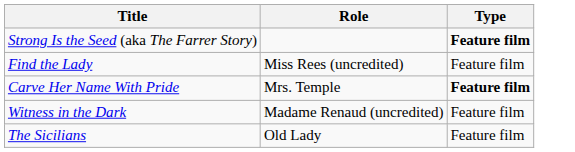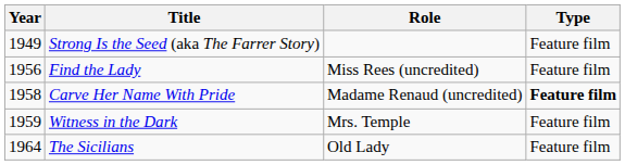 <table class="wikitable">
 <tr>
+<th>Year</th>
 <th>Title</th>
 <th>Role</th>
 <th>Type</th>
 </tr>
 <tr>
+<td>1949</td>
 <td><em><a href='#'>Strong Is the Seed</a></em> (aka <em>The Farrer Story</em>)</td>
 <td></td>
-<td><strong>Feature film</strong></td>
+<td>Feature film</td>
 </tr>
 <tr>
+<td>1956</td>
 <td><em><a href='#'>Find the Lady</a></em></td>
 <td>Miss Rees (uncredited)</td>
 <td>Feature film</td>
 </tr>
 <tr>
+<td>1958</td>
 <td><em><a href='#'>Carve Her Name With Pride</a></em></td>
-<td>Mrs. Temple</td>
+<td>Madame Renaud (uncredited)</td>
 <td><strong>Feature film</strong></td>
 </tr>
 <tr>
+<td>1959</td>
 <td><em><a href='#'>Witness in the Dark</a></em></td>
-<td>Madame Renaud (uncredited)</td>
+<td>Mrs. Temple</td>
 <td>Feature film</td>
 </tr>
 <tr>
+<td>1964</td>
 <td><em><a href='#'>The Sicilians</a></em></td>
 <td>Old Lady</td>
 <td>Feature film</td>
 </tr>
 </table>
